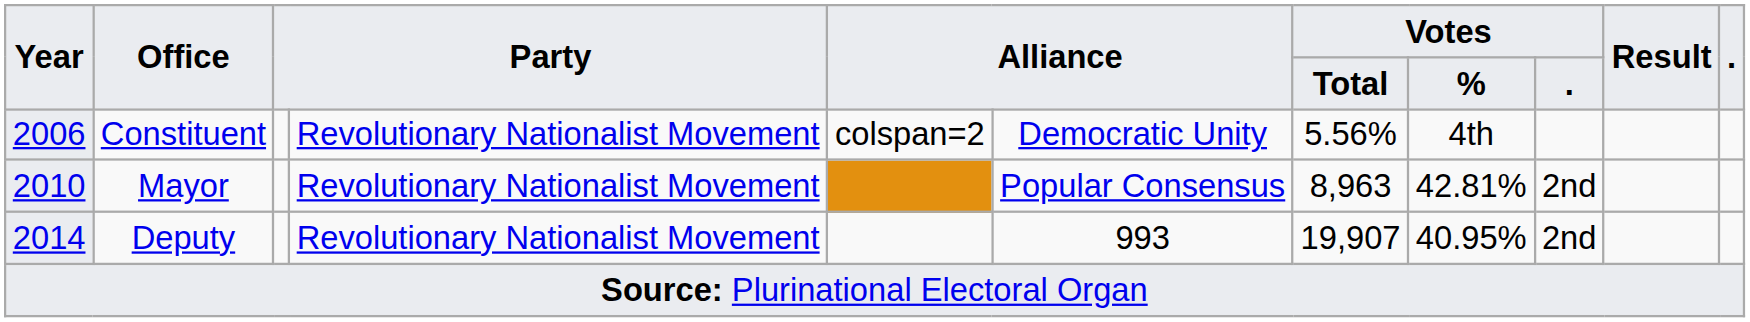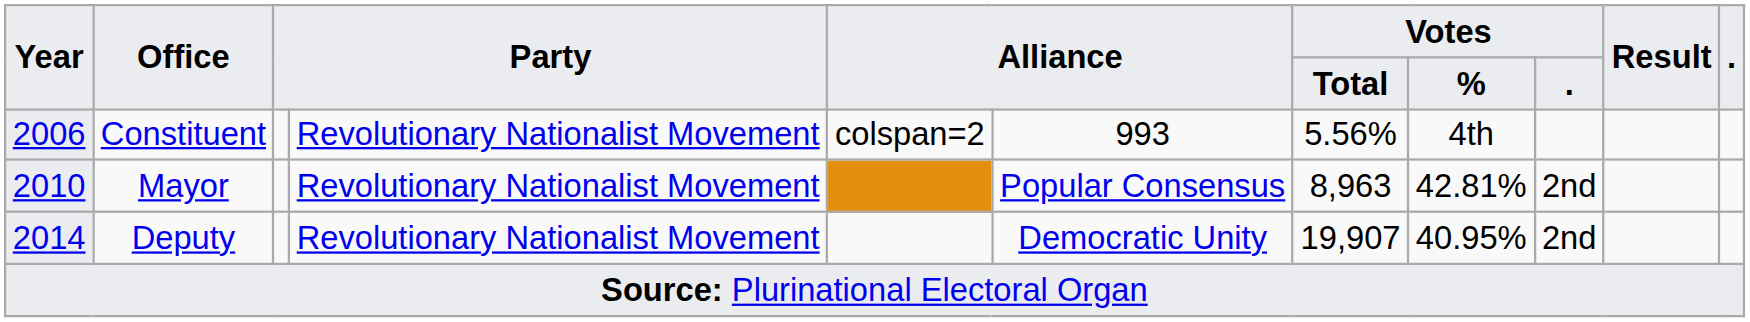 <table class="wikitable" style="font-size:90%; text-align:center;">
 <tr>
 <th style="background-color:#EAECF0;" rowspan=2>Year</th>
 <th style="background-color:#EAECF0;" rowspan=2>Office</th>
 <th style="background-color:#EAECF0;" colspan=2 rowspan=2>Party</th>
 <th style="background-color:#EAECF0;" colspan=2 rowspan=2>Alliance</th>
 <th style="background-color:#EAECF0;" colspan=3>Votes</th>
 <th style="background-color:#EAECF0;" rowspan=2>Result</th>
 <th style="background-color:#EAECF0;" rowspan=2>.</th>
 </tr>
 <tr>
 <th style="background-color:#EAECF0;">Total</th>
 <th style="background-color:#EAECF0;">%</th>
 <th style="background-color:#EAECF0;">.</th>
 </tr>
 <tr>
 <td style="background-color:#EAECF0;"><a href='#'>2006</a></td>
 <td><a href='#'>Constituent</a></td>
 <td style="background-color:"></td>
 <td><a href='#'>Revolutionary Nationalist Movement</a></td>
 <td>colspan=2 </td>
-<td><a href='#'>Democratic Unity</a></td>
+<td>993</td>
 <td>5.56%</td>
 <td>4th</td>
 <td></td>
 <td></td>
 </tr>
 <tr>
 <td style="background-color:#EAECF0;"><a href='#'>2010</a></td>
 <td><a href='#'>Mayor</a></td>
 <td style="background-color:"></td>
 <td><a href='#'>Revolutionary Nationalist Movement</a></td>
 <td style="background-color:#E3900F;"></td>
 <td><a href='#'>Popular Consensus</a></td>
 <td>8,963</td>
 <td>42.81%</td>
 <td>2nd</td>
 <td></td>
 <td></td>
 </tr>
 <tr>
 <td style="background-color:#EAECF0;"><a href='#'>2014</a></td>
 <td><a href='#'>Deputy</a></td>
 <td style="background-color:"></td>
 <td><a href='#'>Revolutionary Nationalist Movement</a></td>
 <td style="background-color:"></td>
-<td>993</td>
+<td><a href='#'>Democratic Unity</a></td>
 <td>19,907</td>
 <td>40.95%</td>
 <td>2nd</td>
 <td></td>
 <td></td>
 </tr>
 <tr>
 <td style="background-color:#EAECF0;" colspan=11><strong>Source:</strong> <a href='#'>Plurinational Electoral Organ</a>  </td>
 </tr>
 </table>
